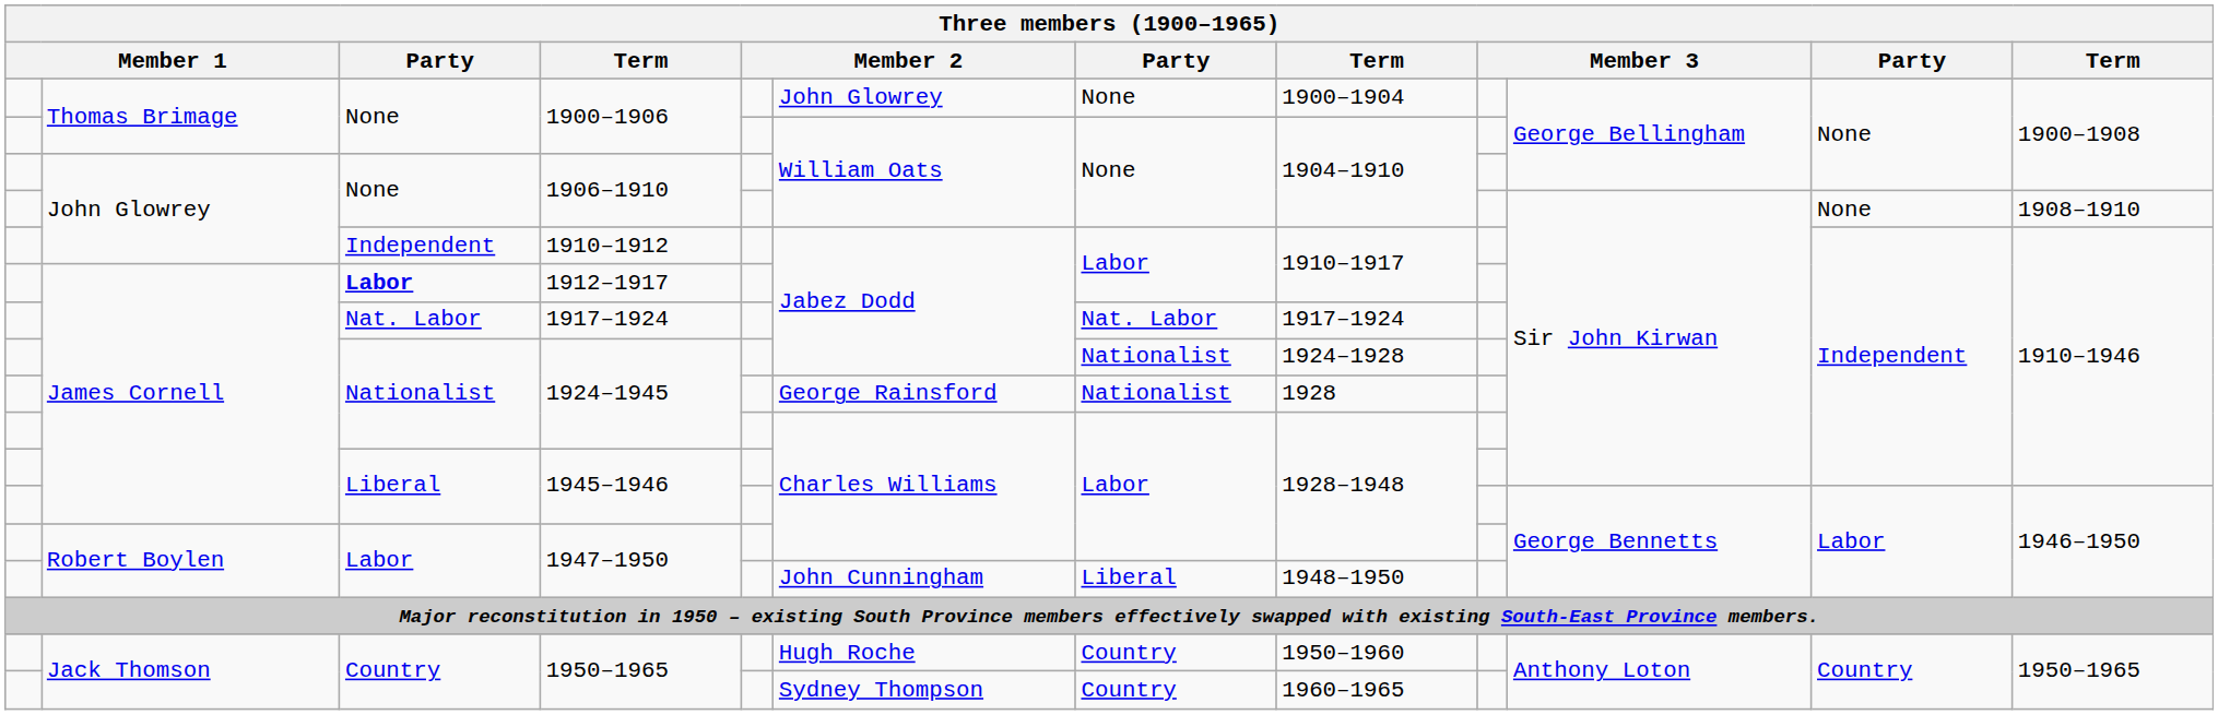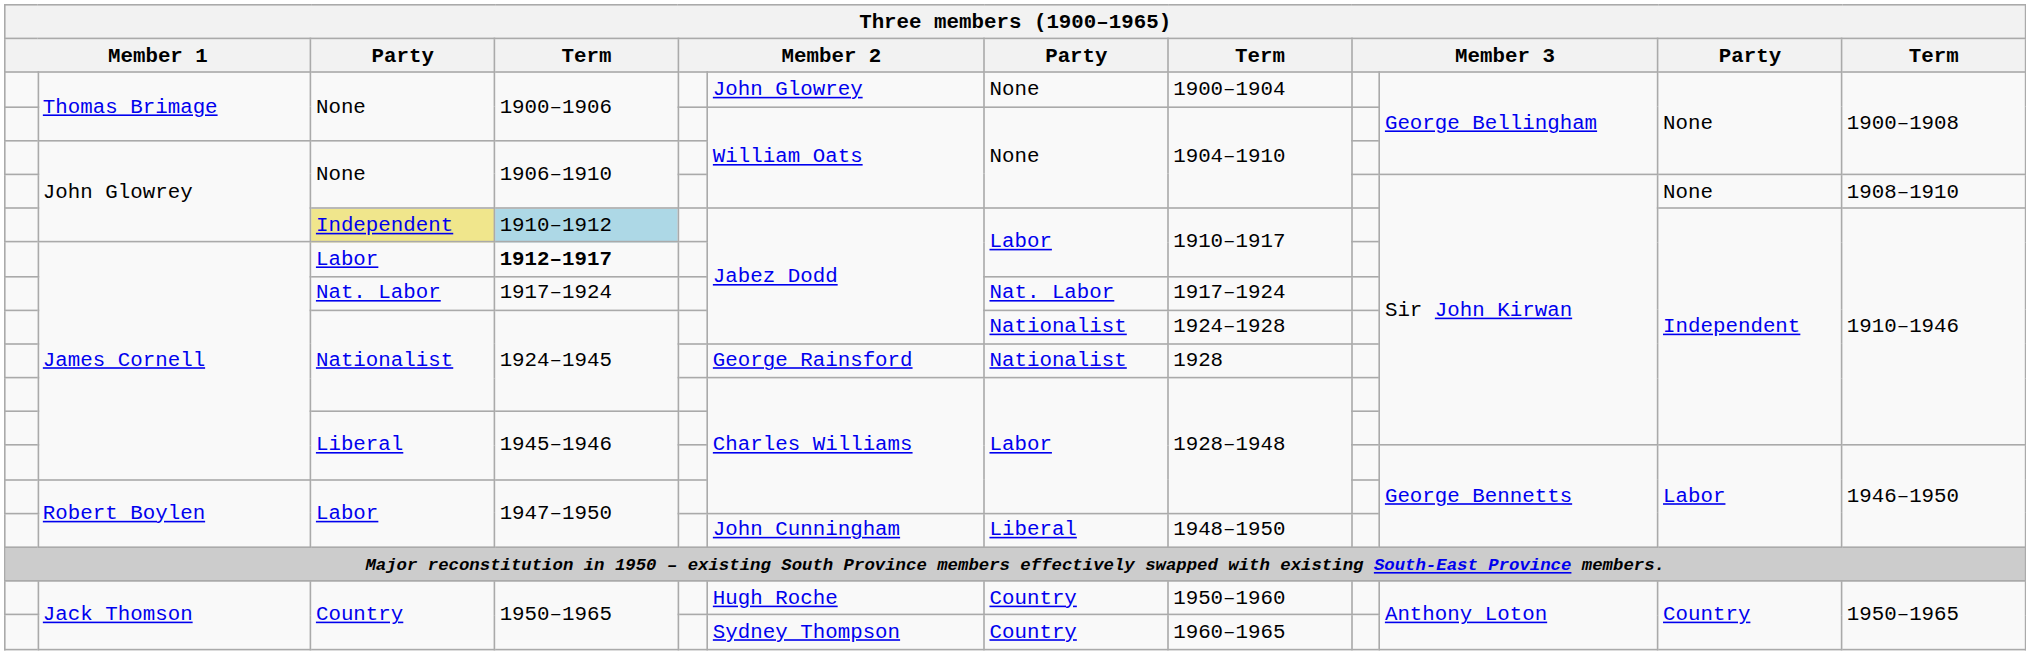 <table class="wikitable" width="100%">
 <tr>
 <th colspan="12">Three members (1900–1965)</th>
 </tr>
 <tr>
 <th colspan="2" width="15%">Member 1</th>
 <th width="9%">Party</th>
 <th width="9%">Term</th>
 <th colspan="2" width="15%">Member 2</th>
 <th width="9%">Party</th>
 <th width="9%">Term</th>
 <th colspan="2" width="15%">Member 3</th>
 <th width="9%">Party</th>
 <th width="9%">Term</th>
 </tr>
 <tr>
 <td> </td>
 <td rowspan="2"><a href='#'>Thomas Brimage</a></td>
 <td rowspan="2">None</td>
 <td rowspan="2">1900–1906</td>
 <td> </td>
 <td><a href='#'>John Glowrey</a></td>
 <td>None</td>
 <td>1900–1904</td>
 <td> </td>
 <td rowspan="3"><a href='#'>George Bellingham</a></td>
 <td rowspan="3">None</td>
 <td rowspan="3">1900–1908</td>
 </tr>
 <tr>
 <td> </td>
 <td> </td>
 <td rowspan="3"><a href='#'>William Oats</a></td>
 <td rowspan="3">None</td>
 <td rowspan="3">1904–1910</td>
 <td> </td>
 </tr>
 <tr>
 <td> </td>
 <td rowspan="3">John Glowrey</td>
 <td rowspan="2">None</td>
 <td rowspan="2">1906–1910</td>
 <td> </td>
 <td> </td>
 </tr>
 <tr>
 <td> </td>
 <td> </td>
 <td> </td>
 <td rowspan="8">Sir <a href='#'>John Kirwan</a></td>
 <td>None</td>
 <td>1908–1910</td>
 </tr>
 <tr>
 <td> </td>
-<td><a href='#'>Independent</a></td>
-<td>1910–1912</td>
+<td style="background: khaki;"><a href='#'>Independent</a></td>
+<td style="background: lightblue;">1910–1912</td>
 <td> </td>
 <td rowspan="4"><a href='#'>Jabez Dodd</a></td>
 <td rowspan="2"><a href='#'>Labor</a></td>
 <td rowspan="2">1910–1917</td>
 <td> </td>
 <td rowspan="7"><a href='#'>Independent</a></td>
 <td rowspan="7">1910–1946</td>
 </tr>
 <tr>
 <td> </td>
 <td rowspan="7"><a href='#'>James Cornell</a></td>
-<td><strong><a href='#'>Labor</a></strong></td>
-<td>1912–1917</td>
+<td><a href='#'>Labor</a></td>
+<td><strong>1912–1917</strong></td>
 <td> </td>
 <td> </td>
 </tr>
 <tr>
 <td> </td>
 <td><a href='#'>Nat. Labor</a></td>
 <td>1917–1924</td>
 <td> </td>
 <td><a href='#'>Nat. Labor</a></td>
 <td>1917–1924</td>
 <td> </td>
 </tr>
 <tr>
 <td> </td>
 <td rowspan="3"><a href='#'>Nationalist</a></td>
 <td rowspan="3">1924–1945</td>
 <td> </td>
 <td><a href='#'>Nationalist</a></td>
 <td>1924–1928</td>
 <td> </td>
 </tr>
 <tr>
 <td> </td>
 <td> </td>
 <td><a href='#'>George Rainsford</a></td>
 <td><a href='#'>Nationalist</a></td>
 <td>1928</td>
 <td> </td>
 </tr>
 <tr>
 <td> </td>
 <td> </td>
 <td rowspan="4"><a href='#'>Charles Williams</a></td>
 <td rowspan="4"><a href='#'>Labor</a></td>
 <td rowspan="4">1928–1948</td>
 <td> </td>
 </tr>
 <tr>
 <td> </td>
 <td rowspan="2"><a href='#'>Liberal</a></td>
 <td rowspan="2">1945–1946</td>
 <td> </td>
 <td> </td>
 </tr>
 <tr>
 <td> </td>
 <td> </td>
 <td> </td>
 <td rowspan="3"><a href='#'>George Bennetts</a></td>
 <td rowspan="3"><a href='#'>Labor</a></td>
 <td rowspan="3">1946–1950</td>
 </tr>
 <tr>
 <td> </td>
 <td rowspan="2"><a href='#'>Robert Boylen</a></td>
 <td rowspan="2"><a href='#'>Labor</a></td>
 <td rowspan="2">1947–1950</td>
 <td> </td>
 <td> </td>
 </tr>
 <tr>
 <td> </td>
 <td> </td>
 <td><a href='#'>John Cunningham</a></td>
 <td><a href='#'>Liberal</a></td>
 <td>1948–1950</td>
 <td> </td>
 </tr>
 <tr>
 <th colspan=12 style="background: #cccccc;"><small><strong><em>Major reconstitution in 1950 – existing South Province members effectively swapped with existing <a href='#'>South-East Province</a> members.</em></strong></small></th>
 </tr>
 <tr>
 <td> </td>
 <td rowspan="2"><a href='#'>Jack Thomson</a></td>
 <td rowspan="2"><a href='#'>Country</a></td>
 <td rowspan="2">1950–1965</td>
 <td> </td>
 <td><a href='#'>Hugh Roche</a></td>
 <td><a href='#'>Country</a></td>
 <td>1950–1960</td>
 <td> </td>
 <td rowspan="2"><a href='#'>Anthony Loton</a></td>
 <td rowspan="2"><a href='#'>Country</a></td>
 <td rowspan="2">1950–1965</td>
 </tr>
 <tr>
 <td> </td>
 <td> </td>
 <td><a href='#'>Sydney Thompson</a></td>
 <td><a href='#'>Country</a></td>
 <td>1960–1965</td>
 <td> </td>
 </tr>
 </table>
